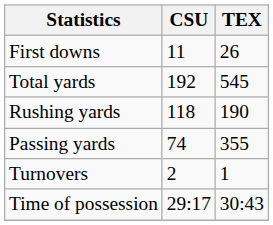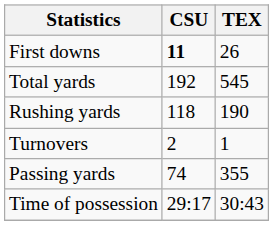 <table class="wikitable" style="float: left;">
 <tr>
 <th>Statistics</th>
 <th>CSU</th>
 <th>TEX</th>
 </tr>
 <tr>
 <td>First downs</td>
-<td>11</td>
+<td><strong>11</strong></td>
 <td>26</td>
 </tr>
 <tr>
 <td>Total yards</td>
 <td>192</td>
 <td>545</td>
 </tr>
 <tr>
 <td>Rushing yards</td>
 <td>118</td>
 <td>190</td>
 </tr>
 <tr>
+<td>Turnovers</td>
+<td>2</td>
+<td>1</td>
+</tr>
+<tr>
 <td>Passing yards</td>
 <td>74</td>
 <td>355</td>
-</tr>
-<tr>
-<td>Turnovers</td>
-<td>2</td>
-<td>1</td>
 </tr>
 <tr>
 <td>Time of possession</td>
 <td>29:17</td>
 <td>30:43</td>
 </tr>
 <tr>
 </tr>
 </table>
